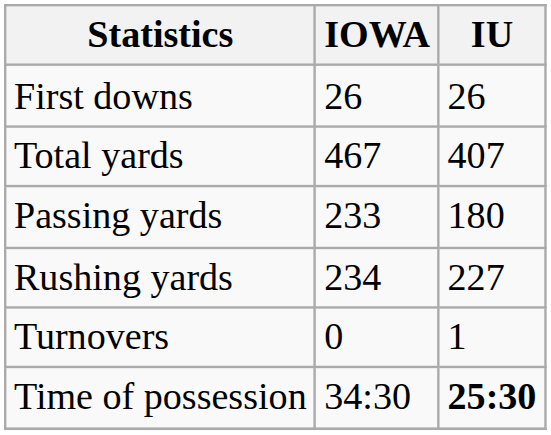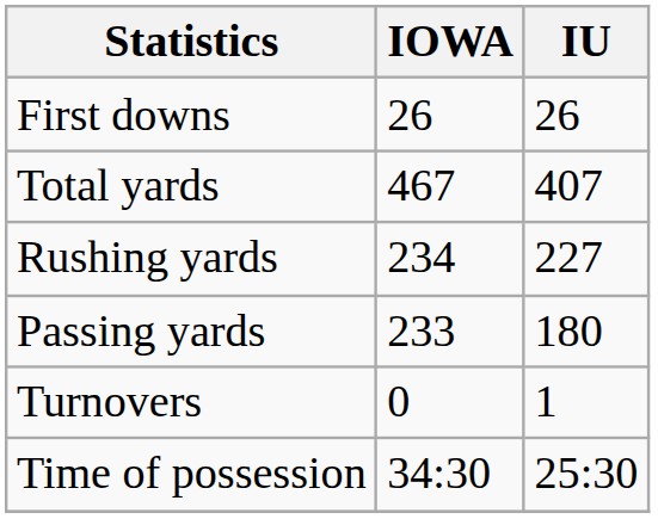 <table class="wikitable">
 <tr>
 <th>Statistics</th>
 <th>IOWA</th>
 <th>IU</th>
 </tr>
 <tr>
 <td>First downs</td>
 <td>26</td>
 <td>26</td>
 </tr>
 <tr>
 <td>Total yards</td>
 <td>467</td>
 <td>407</td>
 </tr>
 <tr>
+<td>Rushing yards</td>
+<td>234</td>
+<td>227</td>
+</tr>
+<tr>
 <td>Passing yards</td>
 <td>233</td>
 <td>180</td>
-</tr>
-<tr>
-<td>Rushing yards</td>
-<td>234</td>
-<td>227</td>
 </tr>
 <tr>
 <td>Turnovers</td>
 <td>0</td>
 <td>1</td>
 </tr>
 <tr>
 <td>Time of possession</td>
 <td>34:30</td>
-<td><strong>25:30</strong></td>
+<td>25:30</td>
 </tr>
 <tr>
 </tr>
 </table>
